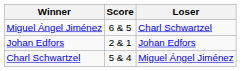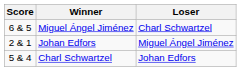 <table class="wikitable" font-size:95%;">
 <tr>
+<th>Score</th>
 <th>Winner</th>
-<th>Score</th>
 <th>Loser</th>
 </tr>
 <tr>
+<td align=center>6 & 5</td>
 <td><a href='#'>Miguel Ángel Jiménez</a></td>
-<td align=center>6 & 5</td>
 <td><a href='#'>Charl Schwartzel</a></td>
 </tr>
 <tr>
-<td><a href='#'>Johan Edfors</a></td>
 <td align=center>2 & 1</td>
 <td><a href='#'>Johan Edfors</a></td>
+<td><a href='#'>Miguel Ángel Jiménez</a></td>
 </tr>
 <tr>
+<td align=center>5 & 4</td>
 <td><a href='#'>Charl Schwartzel</a></td>
-<td align=center>5 & 4</td>
-<td><a href='#'>Miguel Ángel Jiménez</a></td>
+<td><a href='#'>Johan Edfors</a></td>
 </tr>
 </table>
